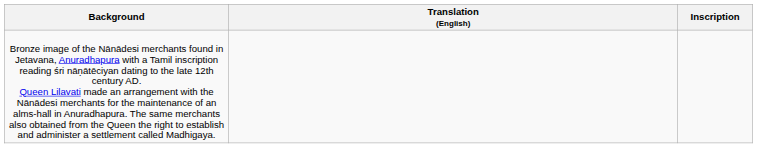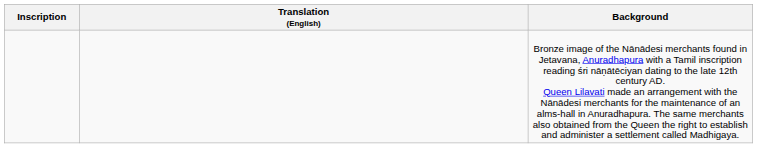 <table class="wikitable centre">
 <tr>
+<th>Inscription<br></th>
+<th>Translation<br><small>(English)</small></th>
 <th scope="col" align=left>Background<br></th>
-<th>Translation<br><small>(English)</small></th>
-<th>Inscription<br></th>
 </tr>
 <tr>
+<td align=center width="10%"><br></td>
+<td align=left><br></td>
 <td align=center width="30%"><br>Bronze image of the Nānādesi merchants found in Jetavana, <a href='#'>Anuradhapura</a> with a Tamil inscription reading śri nāṇātēciyan dating to the late 12th century AD.<br><a href='#'>Queen Lilavati</a> made an arrangement with the Nānādesi merchants for the maintenance of an alms-hall in Anuradhapura. The same merchants also obtained from the Queen the right to establish and administer a settlement called Madhigaya.</td>
-<td align=left><br></td>
-<td align=center width="10%"><br></td>
 </tr>
 </table>
